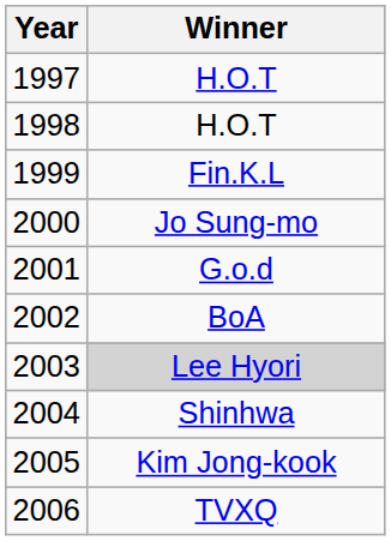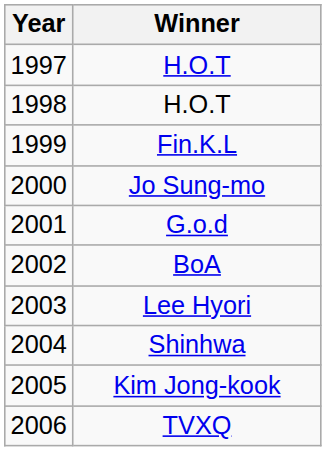 <table class="wikitable" style="text-align:center">
 <tr>
 <th>Year</th>
 <th width="150">Winner</th>
 </tr>
 <tr>
 <td>1997</td>
 <td><a href='#'>H.O.T</a></td>
 </tr>
 <tr>
 <td>1998</td>
 <td>H.O.T</td>
 </tr>
 <tr>
 <td>1999</td>
 <td><a href='#'>Fin.K.L</a></td>
 </tr>
 <tr>
 <td>2000</td>
 <td><a href='#'>Jo Sung-mo</a></td>
 </tr>
 <tr>
 <td>2001</td>
 <td><a href='#'>G.o.d</a></td>
 </tr>
 <tr>
 <td>2002</td>
 <td><a href='#'>BoA</a></td>
 </tr>
 <tr>
 <td>2003</td>
-<td style="background: lightgrey;"><a href='#'>Lee Hyori</a></td>
+<td><a href='#'>Lee Hyori</a></td>
 </tr>
 <tr>
 <td>2004</td>
 <td><a href='#'>Shinhwa</a></td>
 </tr>
 <tr>
 <td>2005</td>
 <td><a href='#'>Kim Jong-kook</a></td>
 </tr>
 <tr>
 <td>2006</td>
 <td><a href='#'>TVXQ</a></td>
 </tr>
 </table>
